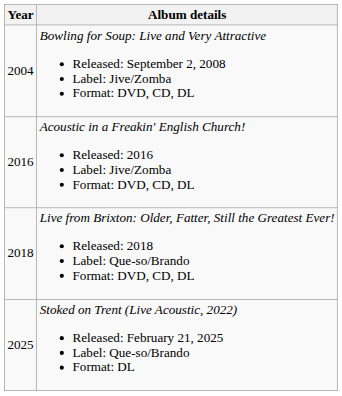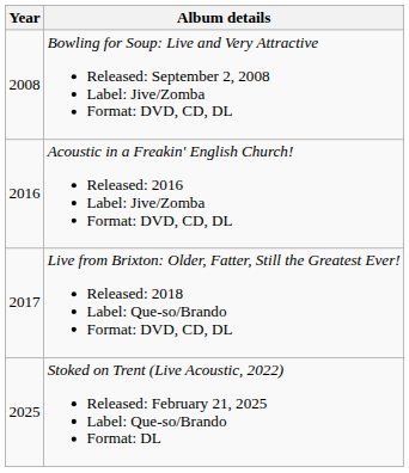 <table class="wikitable" style="white-space:nowrap;">
 <tr>
 <th>Year</th>
 <th style="width:250px;">Album details</th>
 </tr>
 <tr>
-<td>2004</td>
+<td>2008</td>
 <td align="left"><em>Bowling for Soup: Live and Very Attractive</em><br><ul><li>Released: September 2, 2008</li><li>Label: Jive/Zomba</li><li>Format: DVD, CD, DL</li></ul></td>
 </tr>
 <tr>
 <td>2016</td>
 <td align="left"><em>Acoustic in a Freakin' English Church!</em><br><ul><li>Released: 2016</li><li>Label: Jive/Zomba</li><li>Format: DVD, CD, DL</li></ul></td>
 </tr>
 <tr>
-<td>2018</td>
+<td>2017</td>
 <td align="left"><em>Live from Brixton: Older, Fatter, Still the Greatest Ever!</em><br><ul><li>Released: 2018</li><li>Label: Que-so/Brando</li><li>Format: DVD, CD, DL</li></ul></td>
 </tr>
 <tr>
 <td>2025</td>
 <td align="left"><em>Stoked on Trent (Live Acoustic, 2022)</em><br><ul><li>Released: February 21, 2025</li><li>Label: Que-so/Brando</li><li>Format: DL</li></ul></td>
 </tr>
 </table>
